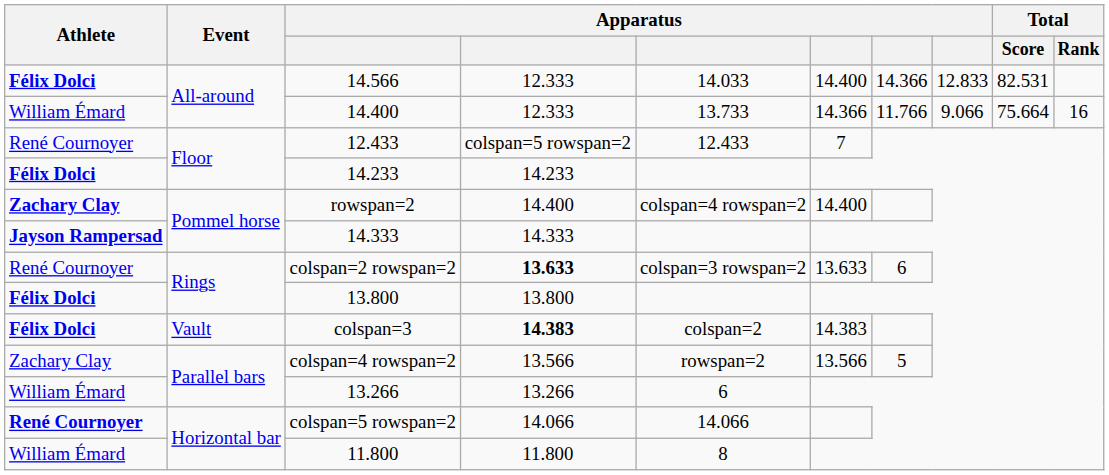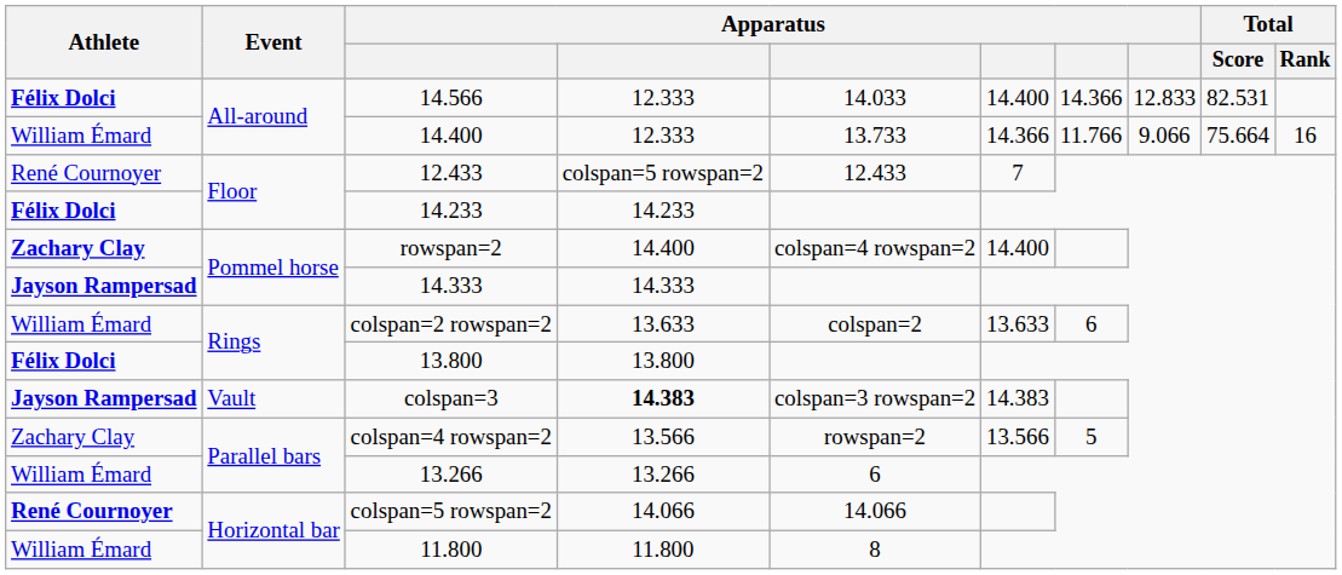 <table class=wikitable style=font-size:90%;text-align:center>
 <tr>
 <th rowspan=2>Athlete</th>
 <th rowspan=2>Event</th>
 <th colspan=6>Apparatus</th>
 <th colspan=2>Total</th>
 </tr>
 <tr style=font-size:95%>
 <th></th>
 <th></th>
 <th></th>
 <th></th>
 <th></th>
 <th></th>
 <th>Score</th>
 <th>Rank</th>
 </tr>
 <tr>
 <td align=left><strong><a href='#'>Félix Dolci</a></strong></td>
 <td align=left rowspan=2><a href='#'>All-around</a></td>
 <td>14.566</td>
 <td>12.333</td>
 <td>14.033</td>
 <td>14.400</td>
 <td>14.366</td>
 <td>12.833</td>
 <td>82.531</td>
 <td></td>
 </tr>
 <tr>
 <td align=left><a href='#'>William Émard</a></td>
 <td>14.400</td>
 <td>12.333</td>
 <td>13.733</td>
 <td>14.366</td>
 <td>11.766</td>
 <td>9.066</td>
 <td>75.664</td>
 <td>16</td>
 </tr>
 <tr>
 <td align=left><a href='#'>René Cournoyer</a></td>
 <td align=left rowspan=2><a href='#'>Floor</a></td>
 <td>12.433</td>
 <td>colspan=5 rowspan=2 </td>
 <td>12.433</td>
 <td>7</td>
 </tr>
 <tr>
 <td align=left><strong><a href='#'>Félix Dolci</a></strong></td>
 <td>14.233</td>
 <td>14.233</td>
 <td></td>
 </tr>
 <tr>
 <td align=left><strong><a href='#'>Zachary Clay</a></strong></td>
 <td align=left rowspan=2><a href='#'>Pommel horse</a></td>
 <td>rowspan=2 </td>
 <td>14.400</td>
 <td>colspan=4 rowspan=2 </td>
 <td>14.400</td>
 <td></td>
 </tr>
 <tr>
 <td align=left><strong><a href='#'>Jayson Rampersad</a></strong></td>
 <td>14.333</td>
 <td>14.333</td>
 <td></td>
 </tr>
 <tr>
-<td align=left><a href='#'>René Cournoyer</a></td>
+<td align=left><a href='#'>William Émard</a></td>
 <td align=left rowspan=2><a href='#'>Rings</a></td>
 <td>colspan=2 rowspan=2 </td>
-<td><strong>13.633</strong></td>
-<td>colspan=3 rowspan=2 </td>
+<td>13.633</td>
+<td>colspan=2 </td>
 <td>13.633</td>
 <td>6</td>
 </tr>
 <tr>
 <td align=left><strong><a href='#'>Félix Dolci</a></strong></td>
 <td>13.800</td>
 <td>13.800</td>
 <td></td>
 </tr>
 <tr>
-<td align=left><strong><a href='#'>Félix Dolci</a></strong></td>
+<td align=left><strong><a href='#'>Jayson Rampersad</a></strong></td>
 <td align=left><a href='#'>Vault</a></td>
 <td>colspan=3 </td>
 <td><strong>14.383</strong></td>
-<td>colspan=2 </td>
+<td>colspan=3 rowspan=2 </td>
 <td>14.383</td>
 <td></td>
 </tr>
 <tr>
 <td align=left><a href='#'>Zachary Clay</a></td>
 <td align=left rowspan=2><a href='#'>Parallel bars</a></td>
 <td>colspan=4 rowspan=2 </td>
 <td>13.566</td>
 <td>rowspan=2 </td>
 <td>13.566</td>
 <td>5</td>
 </tr>
 <tr>
 <td align=left><a href='#'>William Émard</a></td>
 <td>13.266</td>
 <td>13.266</td>
 <td>6</td>
 </tr>
 <tr>
 <td align=left><strong><a href='#'>René Cournoyer</a></strong></td>
 <td align=left rowspan=2><a href='#'>Horizontal bar</a></td>
 <td>colspan=5 rowspan=2 </td>
 <td>14.066</td>
 <td>14.066</td>
 <td></td>
 </tr>
 <tr>
 <td align=left><a href='#'>William Émard</a></td>
 <td>11.800</td>
 <td>11.800</td>
 <td>8</td>
 </tr>
 </table>
